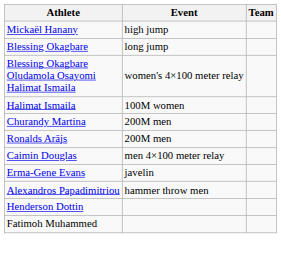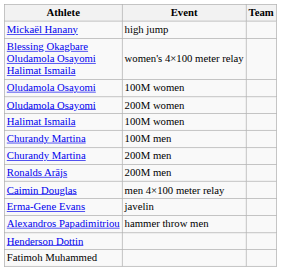 <table class="wikitable">
 <tr>
 <th width=px>Athlete</th>
 <th width=px>Event</th>
 <th width=px>Team</th>
 </tr>
 <tr>
 <td><a href='#'>Mickaël Hanany</a></td>
 <td>high jump</td>
 <td></td>
 </tr>
 <tr>
-<td><a href='#'>Blessing Okagbare</a></td>
-<td>long jump</td>
-<td></td>
-</tr>
-<tr>
 <td><a href='#'>Blessing Okagbare</a><br><a href='#'>Oludamola Osayomi</a><br><a href='#'>Halimat Ismaila</a></td>
 <td>women's 4×100 meter relay</td>
 <td></td>
 </tr>
 <tr>
+<td><a href='#'>Oludamola Osayomi</a></td>
+<td>100M women</td>
+<td></td>
+</tr>
+<tr>
+<td><a href='#'>Oludamola Osayomi</a></td>
+<td>200M women</td>
+<td></td>
+</tr>
+<tr>
 <td><a href='#'>Halimat Ismaila</a></td>
 <td>100M women</td>
+<td></td>
+</tr>
+<tr>
+<td><a href='#'>Churandy Martina</a></td>
+<td>100M men</td>
 <td></td>
 </tr>
 <tr>
 <td><a href='#'>Churandy Martina</a></td>
 <td>200M men</td>
 <td></td>
 </tr>
 <tr>
 <td><a href='#'>Ronalds Arājs</a></td>
 <td>200M men</td>
 <td></td>
 </tr>
 <tr>
 <td><a href='#'>Caimin Douglas</a></td>
 <td>men 4×100 meter relay</td>
 <td></td>
 </tr>
 <tr>
 <td><a href='#'>Erma-Gene Evans</a></td>
 <td>javelin</td>
 <td></td>
 </tr>
 <tr>
 <td><a href='#'>Alexandros Papadimitriou</a></td>
 <td>hammer throw men</td>
 <td></td>
 </tr>
 <tr>
 <td><a href='#'>Henderson Dottin</a></td>
 <td> </td>
 <td></td>
 </tr>
 <tr>
 <td>Fatimoh Muhammed</td>
 <td> </td>
 <td></td>
 </tr>
 </table>
